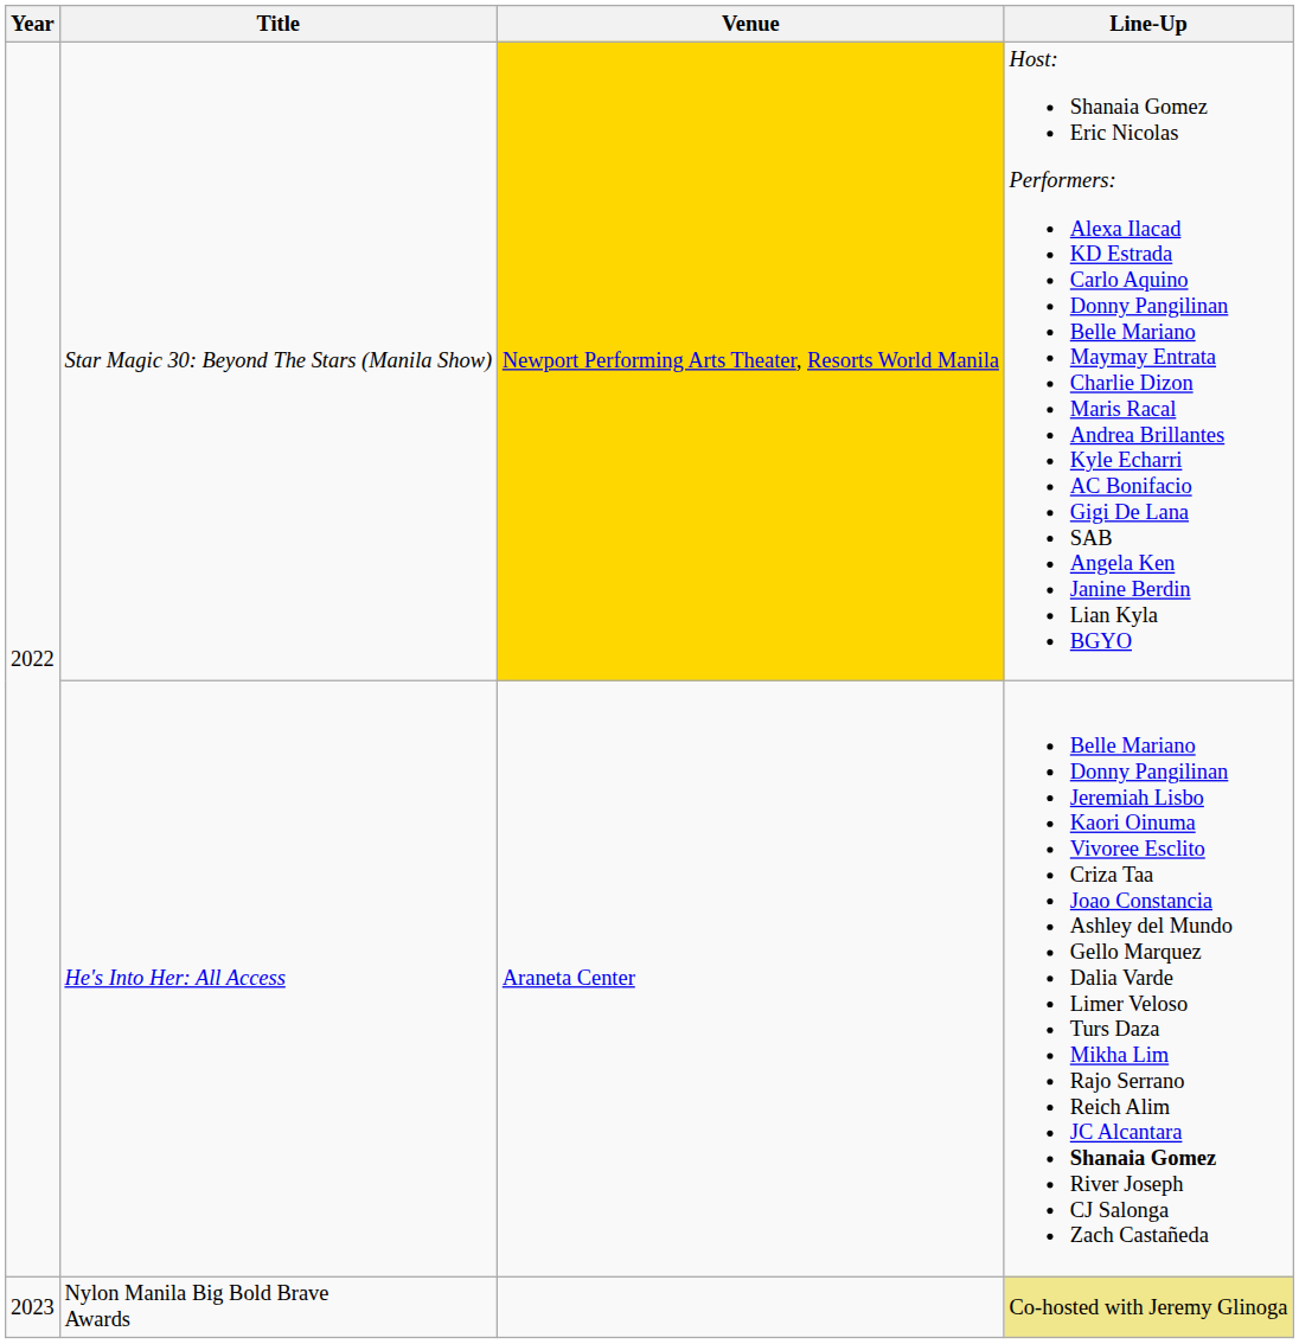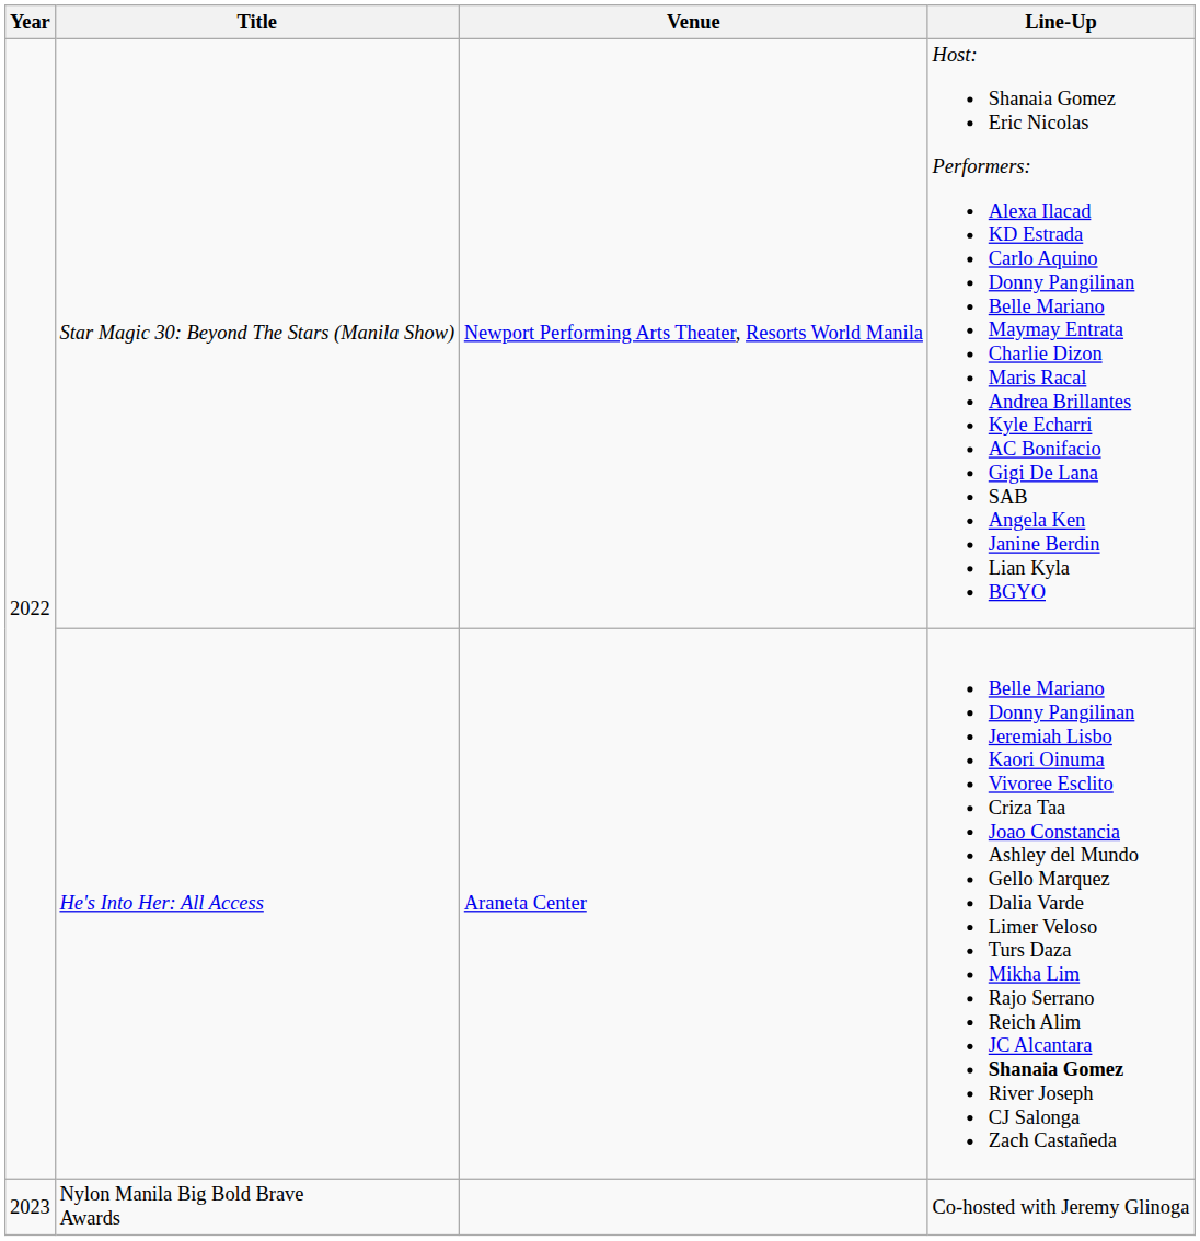 <table class="wikitable" style="font-size:90%">
 <tr>
 <th>Year</th>
 <th>Title</th>
 <th>Venue</th>
 <th>Line-Up</th>
 </tr>
 <tr>
 <td rowspan="2">2022</td>
 <td><em>Star Magic 30: Beyond The Stars (Manila Show)</em></td>
-<td style="background: gold;"><a href='#'>Newport Performing Arts Theater</a>, <a href='#'>Resorts World Manila</a></td>
+<td><a href='#'>Newport Performing Arts Theater</a>, <a href='#'>Resorts World Manila</a></td>
 <td><em>Host:</em><br><ul><li>Shanaia Gomez</li><li>Eric Nicolas</li></ul><em>Performers:</em><ul><li><a href='#'>Alexa Ilacad</a></li><li><a href='#'>KD Estrada</a></li><li><a href='#'>Carlo Aquino</a></li><li><a href='#'>Donny Pangilinan</a></li><li><a href='#'>Belle Mariano</a></li><li><a href='#'>Maymay Entrata</a></li><li><a href='#'>Charlie Dizon</a></li><li><a href='#'>Maris Racal</a></li><li><a href='#'>Andrea Brillantes</a></li><li><a href='#'>Kyle Echarri</a></li><li><a href='#'>AC Bonifacio</a></li><li><a href='#'>Gigi De Lana</a></li><li>SAB </li><li><a href='#'>Angela Ken</a></li><li><a href='#'>Janine Berdin</a></li><li>Lian Kyla</li><li><a href='#'>BGYO</a></li></ul></td>
 </tr>
 <tr>
 <td><em><a href='#'>He's Into Her: All Access</a></em></td>
 <td><a href='#'>Araneta Center</a></td>
 <td><br><ul><li><a href='#'>Belle Mariano</a></li><li><a href='#'>Donny Pangilinan</a></li><li><a href='#'>Jeremiah Lisbo</a></li><li><a href='#'>Kaori Oinuma</a></li><li><a href='#'>Vivoree Esclito</a></li><li>Criza Taa</li><li><a href='#'>Joao Constancia</a></li><li>Ashley del Mundo</li><li>Gello Marquez</li><li>Dalia Varde</li><li>Limer Veloso</li><li>Turs Daza</li><li><a href='#'>Mikha Lim</a></li><li>Rajo Serrano</li><li>Reich Alim</li><li><a href='#'>JC Alcantara</a></li><li><strong>Shanaia Gomez</strong></li><li>River Joseph</li><li>CJ Salonga</li><li>Zach Castañeda</li></ul></td>
 </tr>
 <tr>
 <td>2023</td>
 <td>Nylon Manila Big Bold Brave<br>Awards</td>
 <td></td>
-<td style="background: khaki;">Co-hosted with Jeremy Glinoga</td>
+<td>Co-hosted with Jeremy Glinoga</td>
 </tr>
 </table>
